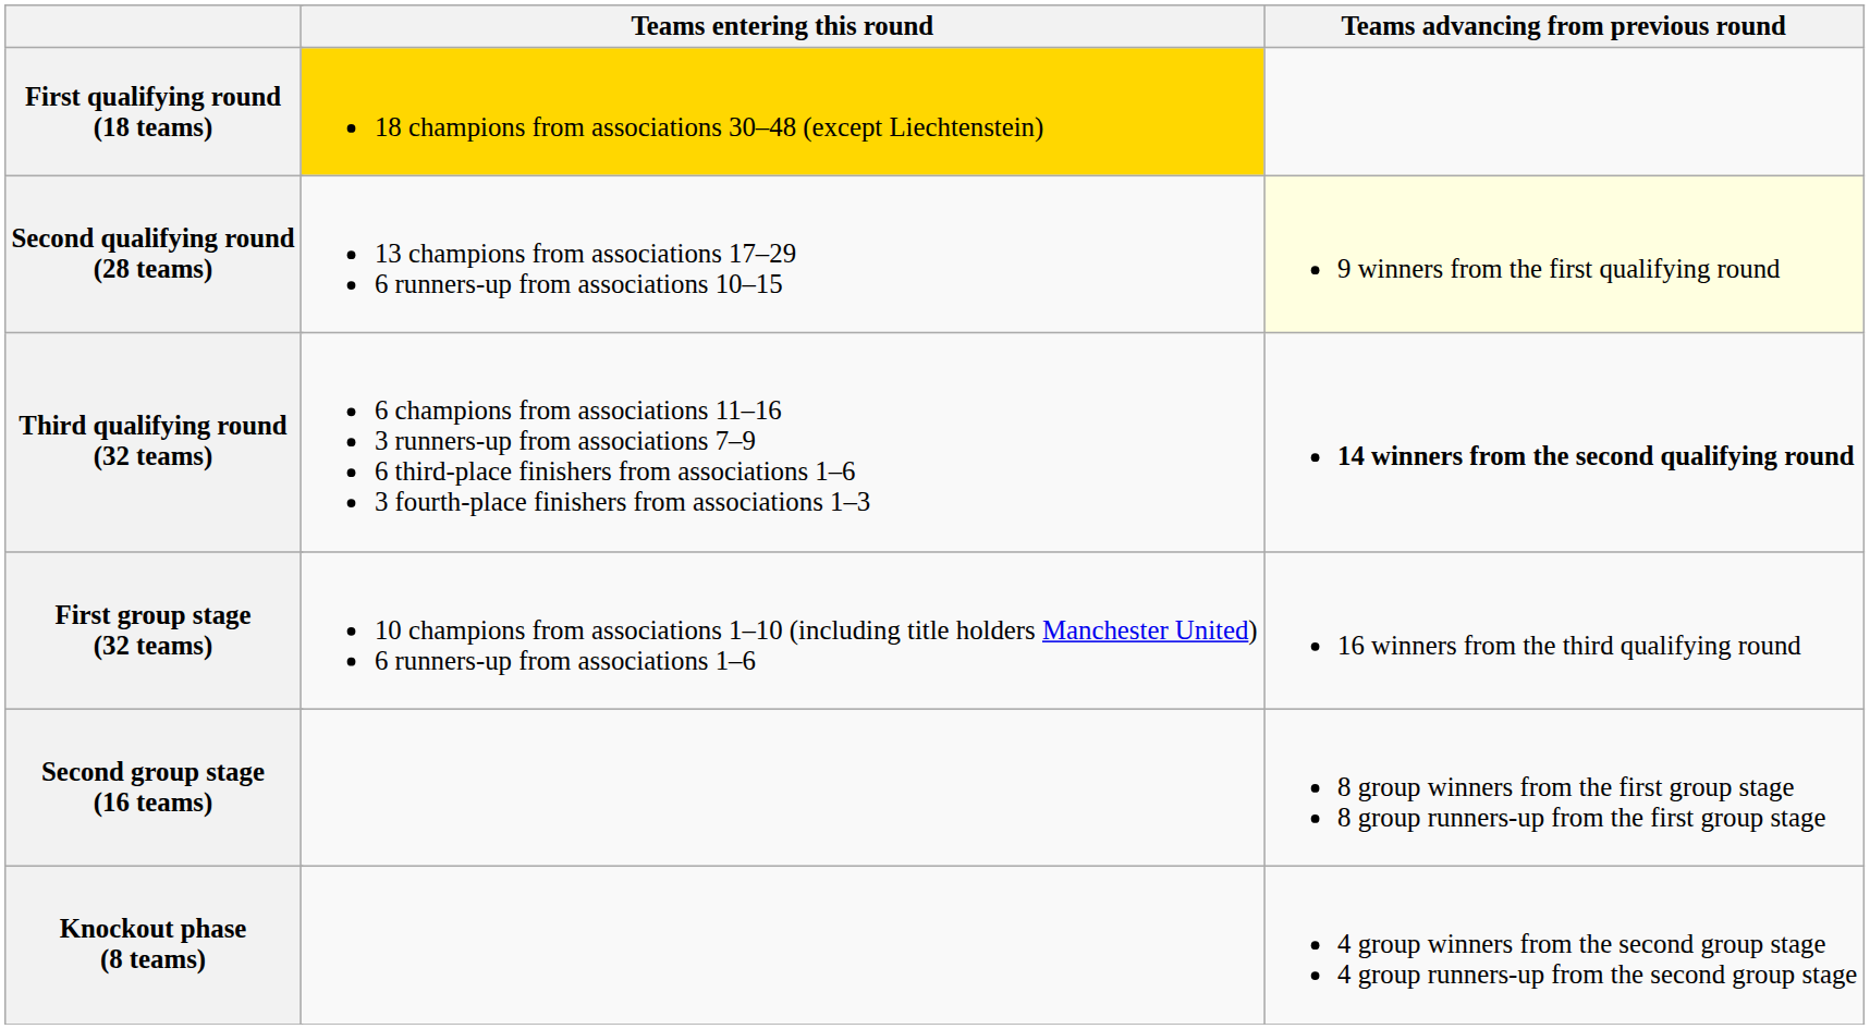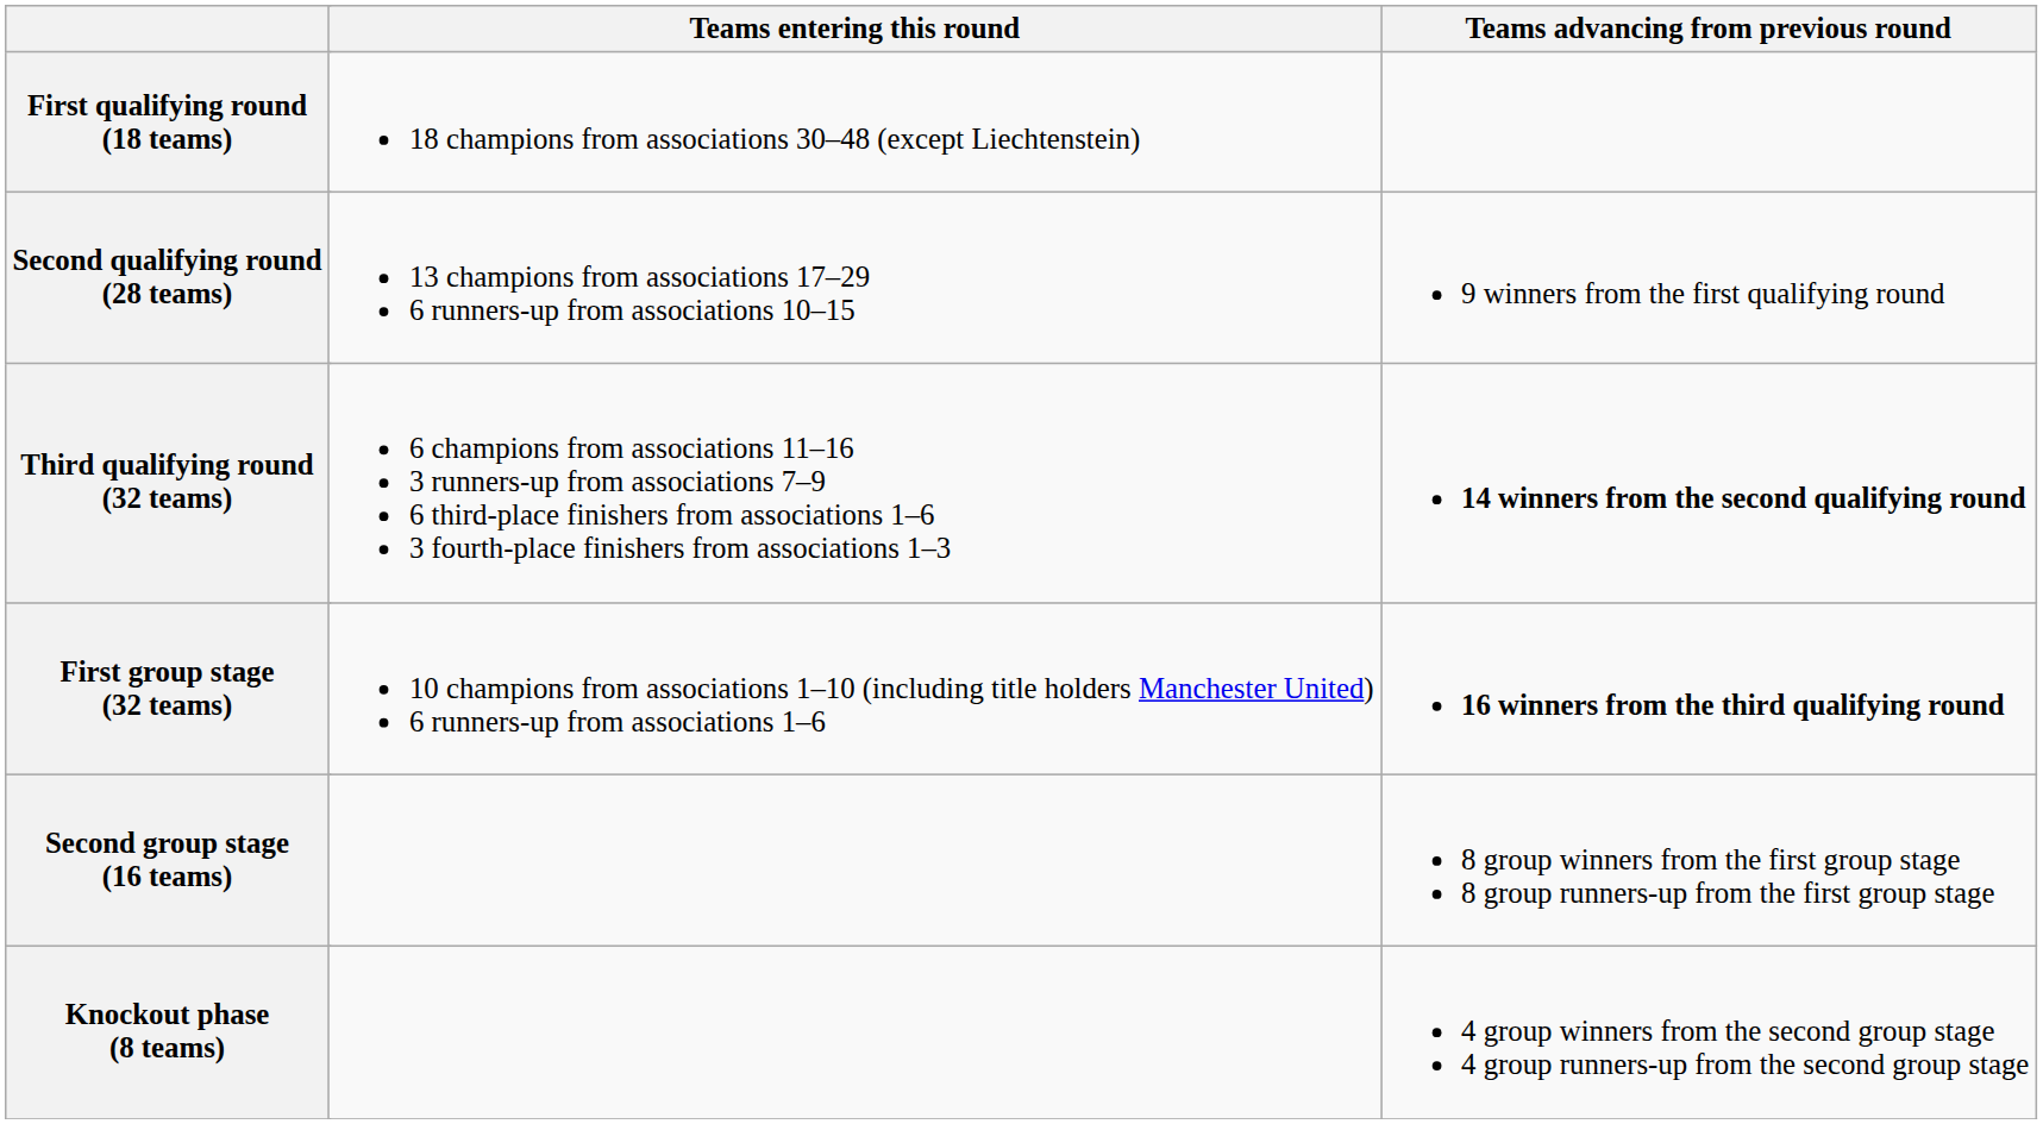 <table class="wikitable">
 <tr>
 <th colspan=2></th>
 <th>Teams entering this round</th>
 <th>Teams advancing from previous round</th>
 </tr>
 <tr>
 <th colspan=2>First qualifying round<br>(18 teams)</th>
-<td style="background: gold;"><br><ul><li>18 champions from associations 30–48 (except Liechtenstein)</li></ul></td>
+<td><br><ul><li>18 champions from associations 30–48 (except Liechtenstein)</li></ul></td>
 <td></td>
 </tr>
 <tr>
 <th colspan=2>Second qualifying round<br>(28 teams)</th>
 <td><br><ul><li>13 champions from associations 17–29</li><li>6 runners-up from associations 10–15</li></ul></td>
-<td style="background: lightyellow;"><br><ul><li>9 winners from the first qualifying round</li></ul></td>
+<td><br><ul><li>9 winners from the first qualifying round</li></ul></td>
 </tr>
 <tr>
 <th colspan=2>Third qualifying round<br>(32 teams)</th>
 <td><br><ul><li>6 champions from associations 11–16</li><li>3 runners-up from associations 7–9</li><li>6 third-place finishers from associations 1–6</li><li>3 fourth-place finishers from associations 1–3</li></ul></td>
 <td><strong><br><ul><li>14 winners from the second qualifying round</li></ul></strong></td>
 </tr>
 <tr>
 <th colspan=2>First group stage<br>(32 teams)</th>
 <td><br><ul><li>10 champions from associations 1–10 (including title holders <a href='#'>Manchester United</a>)</li><li>6 runners-up from associations 1–6</li></ul></td>
-<td><br><ul><li>16 winners from the third qualifying round</li></ul></td>
+<td><strong><br><ul><li>16 winners from the third qualifying round</li></ul></strong></td>
 </tr>
 <tr>
 <th colspan=2>Second group stage<br>(16 teams)</th>
 <td></td>
 <td><br><ul><li>8 group winners from the first group stage</li><li>8 group runners-up from the first group stage</li></ul></td>
 </tr>
 <tr>
 <th colspan=2>Knockout phase<br>(8 teams)</th>
 <td></td>
 <td><br><ul><li>4 group winners from the second group stage</li><li>4 group runners-up from the second group stage</li></ul></td>
 </tr>
 </table>
